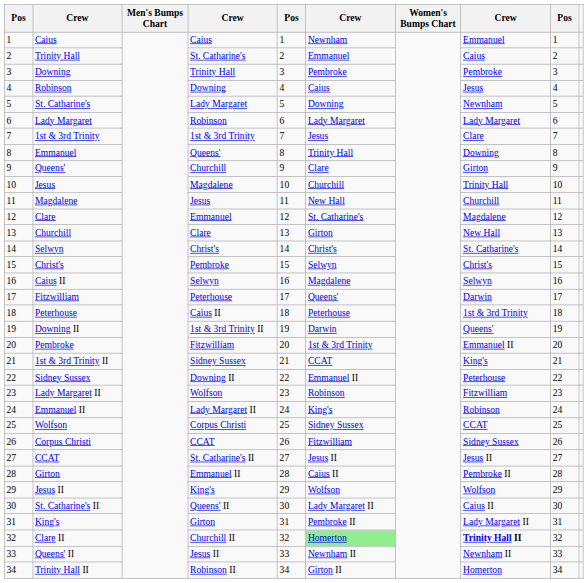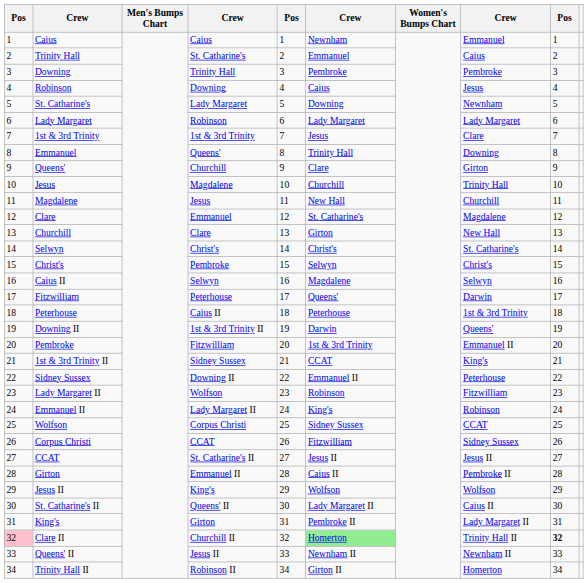 <table class="wikitable" style="font-size:88%; white-space:nowrap; margin:0.5em auto">
 <tr style="white-space:normal">
 <th width=35>Pos</th>
 <th width=125>Crew</th>
 <th width=90>Men's Bumps Chart</th>
 <th width=125>Crew</th>
 <th width=35>Pos</th>
 <th width=125>Crew</th>
 <th width=90>Women's Bumps Chart</th>
 <th width=125>Crew</th>
 <th width=35>Pos</th>
 </tr>
 <tr>
 <td>1</td>
 <td><a href='#'>Caius</a></td>
 <td rowspan="34"><br></td>
 <td><a href='#'>Caius</a></td>
 <td>1</td>
 <td><a href='#'>Newnham</a></td>
 <td rowspan="34"><br></td>
 <td><a href='#'>Emmanuel</a></td>
 <td>1</td>
 <td></td>
 </tr>
 <tr>
 <td>2</td>
 <td><a href='#'>Trinity Hall</a></td>
 <td><a href='#'>St. Catharine's</a></td>
 <td>2</td>
 <td><a href='#'>Emmanuel</a></td>
 <td><a href='#'>Caius</a></td>
 <td>2</td>
 <td></td>
 </tr>
 <tr>
 <td>3</td>
 <td><a href='#'>Downing</a></td>
 <td><a href='#'>Trinity Hall</a></td>
 <td>3</td>
 <td><a href='#'>Pembroke</a></td>
 <td><a href='#'>Pembroke</a></td>
 <td>3</td>
 <td></td>
 </tr>
 <tr>
 <td>4</td>
 <td><a href='#'>Robinson</a></td>
 <td><a href='#'>Downing</a></td>
 <td>4</td>
 <td><a href='#'>Caius</a></td>
 <td><a href='#'>Jesus</a></td>
 <td>4</td>
 <td></td>
 </tr>
 <tr>
 <td>5</td>
 <td><a href='#'>St. Catharine's</a></td>
 <td><a href='#'>Lady Margaret</a></td>
 <td>5</td>
 <td><a href='#'>Downing</a></td>
 <td><a href='#'>Newnham</a></td>
 <td>5</td>
 <td></td>
 </tr>
 <tr>
 <td>6</td>
 <td><a href='#'>Lady Margaret</a></td>
 <td><a href='#'>Robinson</a></td>
 <td>6</td>
 <td><a href='#'>Lady Margaret</a></td>
 <td><a href='#'>Lady Margaret</a></td>
 <td>6</td>
 <td></td>
 </tr>
 <tr>
 <td>7</td>
 <td><a href='#'>1st & 3rd Trinity</a></td>
 <td><a href='#'>1st & 3rd Trinity</a></td>
 <td>7</td>
 <td><a href='#'>Jesus</a></td>
 <td><a href='#'>Clare</a></td>
 <td>7</td>
 <td></td>
 </tr>
 <tr>
 <td>8</td>
 <td><a href='#'>Emmanuel</a></td>
 <td><a href='#'>Queens'</a></td>
 <td>8</td>
 <td><a href='#'>Trinity Hall</a></td>
 <td><a href='#'>Downing</a></td>
 <td>8</td>
 <td></td>
 </tr>
 <tr>
 <td>9</td>
 <td><a href='#'>Queens'</a></td>
 <td><a href='#'>Churchill</a></td>
 <td>9</td>
 <td><a href='#'>Clare</a></td>
 <td><a href='#'>Girton</a></td>
 <td>9</td>
 <td></td>
 </tr>
 <tr>
 <td>10</td>
 <td><a href='#'>Jesus</a></td>
 <td><a href='#'>Magdalene</a></td>
 <td>10</td>
 <td><a href='#'>Churchill</a></td>
 <td><a href='#'>Trinity Hall</a></td>
 <td>10</td>
 <td></td>
 </tr>
 <tr>
 <td>11</td>
 <td><a href='#'>Magdalene</a></td>
 <td><a href='#'>Jesus</a></td>
 <td>11</td>
 <td><a href='#'>New Hall</a></td>
 <td><a href='#'>Churchill</a></td>
 <td>11</td>
 <td></td>
 </tr>
 <tr>
 <td>12</td>
 <td><a href='#'>Clare</a></td>
 <td><a href='#'>Emmanuel</a></td>
 <td>12</td>
 <td><a href='#'>St. Catharine's</a></td>
 <td><a href='#'>Magdalene</a></td>
 <td>12</td>
 <td></td>
 </tr>
 <tr>
 <td>13</td>
 <td><a href='#'>Churchill</a></td>
 <td><a href='#'>Clare</a></td>
 <td>13</td>
 <td><a href='#'>Girton</a></td>
 <td><a href='#'>New Hall</a></td>
 <td>13</td>
 <td></td>
 </tr>
 <tr>
 <td>14</td>
 <td><a href='#'>Selwyn</a></td>
 <td><a href='#'>Christ's</a></td>
 <td>14</td>
 <td><a href='#'>Christ's</a></td>
 <td><a href='#'>St. Catharine's</a></td>
 <td>14</td>
 <td></td>
 </tr>
 <tr>
 <td>15</td>
 <td><a href='#'>Christ's</a></td>
 <td><a href='#'>Pembroke</a></td>
 <td>15</td>
 <td><a href='#'>Selwyn</a></td>
 <td><a href='#'>Christ's</a></td>
 <td>15</td>
 <td></td>
 </tr>
 <tr>
 <td>16</td>
 <td><a href='#'>Caius</a> II</td>
 <td><a href='#'>Selwyn</a></td>
 <td>16</td>
 <td><a href='#'>Magdalene</a></td>
 <td><a href='#'>Selwyn</a></td>
 <td>16</td>
 <td></td>
 </tr>
 <tr>
 <td>17</td>
 <td><a href='#'>Fitzwilliam</a></td>
 <td><a href='#'>Peterhouse</a></td>
 <td>17</td>
 <td><a href='#'>Queens'</a></td>
 <td><a href='#'>Darwin</a></td>
 <td>17</td>
 <td></td>
 </tr>
 <tr>
 <td>18</td>
 <td><a href='#'>Peterhouse</a></td>
 <td><a href='#'>Caius</a> II</td>
 <td>18</td>
 <td><a href='#'>Peterhouse</a></td>
 <td><a href='#'>1st & 3rd Trinity</a></td>
 <td>18</td>
 <td></td>
 </tr>
 <tr>
 <td>19</td>
 <td><a href='#'>Downing</a> II</td>
 <td><a href='#'>1st & 3rd Trinity</a> II</td>
 <td>19</td>
 <td><a href='#'>Darwin</a></td>
 <td><a href='#'>Queens'</a></td>
 <td>19</td>
 <td></td>
 </tr>
 <tr>
 <td>20</td>
 <td><a href='#'>Pembroke</a></td>
 <td><a href='#'>Fitzwilliam</a></td>
 <td>20</td>
 <td><a href='#'>1st & 3rd Trinity</a></td>
 <td><a href='#'>Emmanuel</a> II</td>
 <td>20</td>
 <td></td>
 </tr>
 <tr>
 <td>21</td>
 <td><a href='#'>1st & 3rd Trinity</a> II</td>
 <td><a href='#'>Sidney Sussex</a></td>
 <td>21</td>
 <td><a href='#'>CCAT</a></td>
 <td><a href='#'>King's</a></td>
 <td>21</td>
 <td></td>
 </tr>
 <tr>
 <td>22</td>
 <td><a href='#'>Sidney Sussex</a></td>
 <td><a href='#'>Downing</a> II</td>
 <td>22</td>
 <td><a href='#'>Emmanuel</a> II</td>
 <td><a href='#'>Peterhouse</a></td>
 <td>22</td>
 <td></td>
 </tr>
 <tr>
 <td>23</td>
 <td><a href='#'>Lady Margaret</a> II</td>
 <td><a href='#'>Wolfson</a></td>
 <td>23</td>
 <td><a href='#'>Robinson</a></td>
 <td><a href='#'>Fitzwilliam</a></td>
 <td>23</td>
 <td></td>
 </tr>
 <tr>
 <td>24</td>
 <td><a href='#'>Emmanuel</a> II</td>
 <td><a href='#'>Lady Margaret</a> II</td>
 <td>24</td>
 <td><a href='#'>King's</a></td>
 <td><a href='#'>Robinson</a></td>
 <td>24</td>
 <td></td>
 </tr>
 <tr>
 <td>25</td>
 <td><a href='#'>Wolfson</a></td>
 <td><a href='#'>Corpus Christi</a></td>
 <td>25</td>
 <td><a href='#'>Sidney Sussex</a></td>
 <td><a href='#'>CCAT</a></td>
 <td>25</td>
 <td></td>
 </tr>
 <tr>
 <td>26</td>
 <td><a href='#'>Corpus Christi</a></td>
 <td><a href='#'>CCAT</a></td>
 <td>26</td>
 <td><a href='#'>Fitzwilliam</a></td>
 <td><a href='#'>Sidney Sussex</a></td>
 <td>26</td>
 <td></td>
 </tr>
 <tr>
 <td>27</td>
 <td><a href='#'>CCAT</a></td>
 <td><a href='#'>St. Catharine's</a> II</td>
 <td>27</td>
 <td><a href='#'>Jesus</a> II</td>
 <td><a href='#'>Jesus</a> II</td>
 <td>27</td>
 <td></td>
 </tr>
 <tr>
 <td>28</td>
 <td><a href='#'>Girton</a></td>
 <td><a href='#'>Emmanuel</a> II</td>
 <td>28</td>
 <td><a href='#'>Caius</a> II</td>
 <td><a href='#'>Pembroke</a> II</td>
 <td>28</td>
 <td></td>
 </tr>
 <tr>
 <td>29</td>
 <td><a href='#'>Jesus</a> II</td>
 <td><a href='#'>King's</a></td>
 <td>29</td>
 <td><a href='#'>Wolfson</a></td>
 <td><a href='#'>Wolfson</a></td>
 <td>29</td>
 <td></td>
 </tr>
 <tr>
 <td>30</td>
 <td><a href='#'>St. Catharine's</a> II</td>
 <td><a href='#'>Queens'</a> II</td>
 <td>30</td>
 <td><a href='#'>Lady Margaret</a> II</td>
 <td><a href='#'>Caius</a> II</td>
 <td>30</td>
 <td></td>
 </tr>
 <tr>
 <td>31</td>
 <td><a href='#'>King's</a></td>
 <td><a href='#'>Girton</a></td>
 <td>31</td>
 <td><a href='#'>Pembroke</a> II</td>
 <td><a href='#'>Lady Margaret</a> II</td>
 <td>31</td>
 <td></td>
 </tr>
 <tr>
-<td>32</td>
+<td style="background: pink;">32</td>
 <td><a href='#'>Clare</a> II</td>
 <td><a href='#'>Churchill</a> II</td>
 <td>32</td>
 <td style="background: lightgreen;"><a href='#'>Homerton</a></td>
-<td><strong><a href='#'>Trinity Hall</a> II</strong></td>
-<td>32</td>
+<td><a href='#'>Trinity Hall</a> II</td>
+<td><strong>32</strong></td>
 <td></td>
 </tr>
 <tr>
 <td>33</td>
 <td><a href='#'>Queens'</a> II</td>
 <td><a href='#'>Jesus</a> II</td>
 <td>33</td>
 <td><a href='#'>Newnham</a> II</td>
 <td><a href='#'>Newnham</a> II</td>
 <td>33</td>
 <td></td>
 </tr>
 <tr>
 <td>34</td>
 <td><a href='#'>Trinity Hall</a> II</td>
 <td><a href='#'>Robinson</a> II</td>
 <td>34</td>
 <td><a href='#'>Girton</a> II</td>
 <td><a href='#'>Homerton</a></td>
 <td>34</td>
 <td></td>
 </tr>
 </table>
